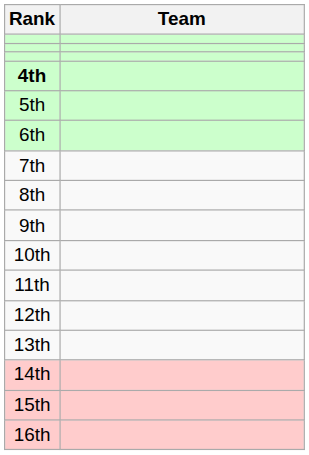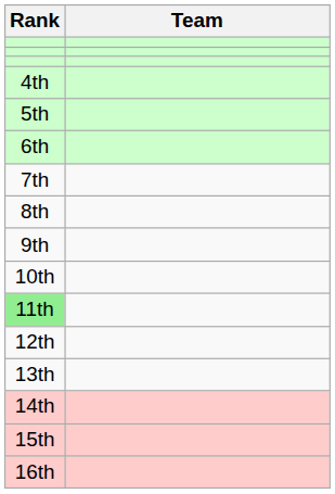 <table class=wikitable style="text-align:center;">
 <tr>
 <th>Rank</th>
 <th width=200>Team</th>
 </tr>
 <tr bgcolor="#ccffcc">
 <td></td>
 <td align=left></td>
 </tr>
 <tr bgcolor="#ccffcc">
 <td></td>
 <td align=left></td>
 </tr>
 <tr bgcolor="#ccffcc">
 <td></td>
 <td align=left></td>
 </tr>
 <tr bgcolor="#ccffcc">
-<td><strong>4th</strong></td>
+<td>4th</td>
 <td align=left></td>
 </tr>
 <tr bgcolor="#ccffcc">
 <td>5th</td>
 <td align=left></td>
 </tr>
 <tr bgcolor="#ccffcc">
 <td>6th</td>
 <td align=left></td>
 </tr>
 <tr>
 <td>7th</td>
 <td align=left></td>
 </tr>
 <tr>
 <td>8th</td>
 <td align=left></td>
 </tr>
 <tr>
 <td>9th</td>
 <td align=left></td>
 </tr>
 <tr>
 <td>10th</td>
 <td align=left></td>
 </tr>
 <tr>
-<td>11th</td>
+<td style="background: lightgreen;">11th</td>
 <td align=left></td>
 </tr>
 <tr>
 <td>12th</td>
 <td align=left></td>
 </tr>
 <tr>
 <td>13th</td>
 <td align=left></td>
 </tr>
 <tr bgcolor=#ffcccc>
 <td>14th</td>
 <td align=left></td>
 </tr>
 <tr bgcolor=#ffcccc>
 <td>15th</td>
 <td align=left></td>
 </tr>
 <tr bgcolor=#ffcccc>
 <td>16th</td>
 <td align=left></td>
 </tr>
 </table>
